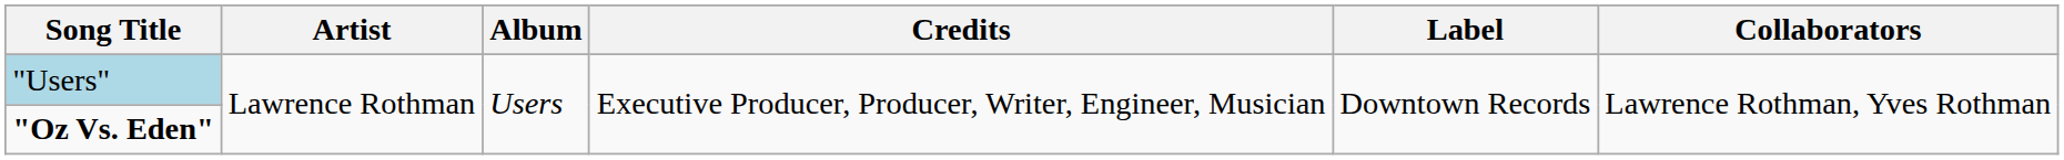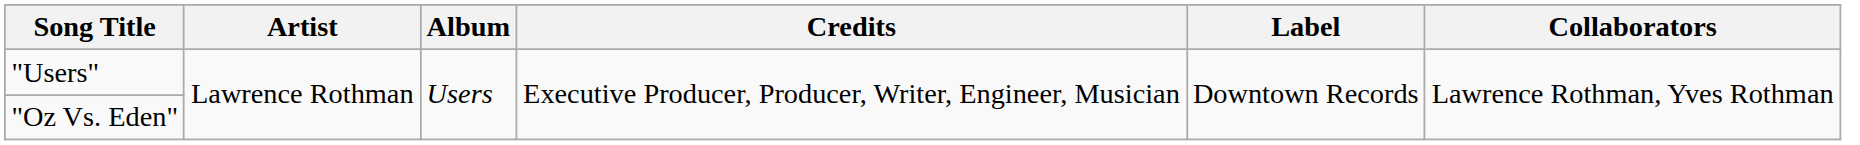 <table class="wikitable">
 <tr>
 <th>Song Title</th>
 <th>Artist</th>
 <th>Album</th>
 <th>Credits</th>
 <th>Label</th>
 <th>Collaborators</th>
 </tr>
 <tr>
-<td style="background: lightblue;">"Users"</td>
+<td>"Users"</td>
 <td rowspan="2">Lawrence Rothman</td>
 <td rowspan="2"><em>Users</em></td>
 <td rowspan="2">Executive Producer, Producer, Writer, Engineer, Musician</td>
 <td rowspan="2">Downtown Records</td>
 <td rowspan="2">Lawrence Rothman, Yves Rothman</td>
 </tr>
 <tr>
-<td><strong>"Oz Vs. Eden"</strong></td>
+<td>"Oz Vs. Eden"</td>
 </tr>
 </table>
